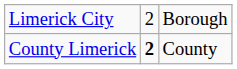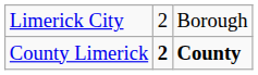 <table class="wikitable sortable">
 <tr>
 <td><a href='#'>Limerick City</a></td>
 <td align="center">2</td>
 <td>Borough</td>
 </tr>
 <tr>
 <td><a href='#'>County Limerick</a></td>
 <td align="center"><strong>2</strong></td>
-<td>County</td>
+<td><strong>County</strong></td>
 </tr>
 </table>
